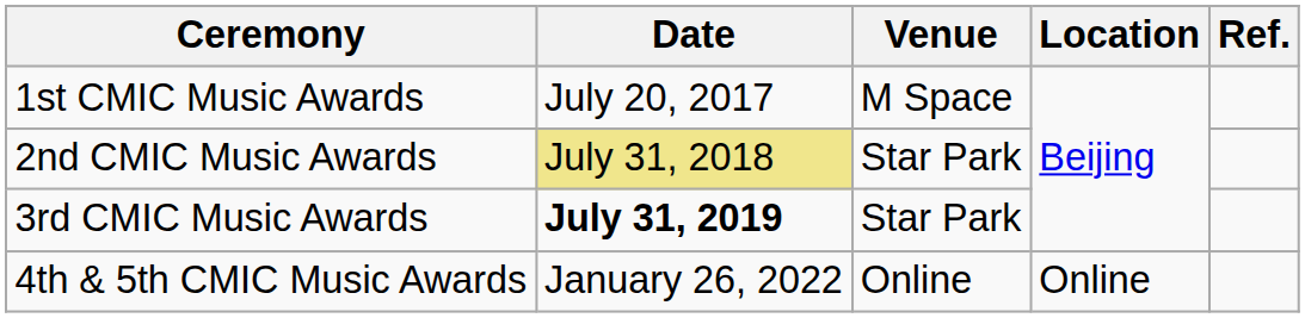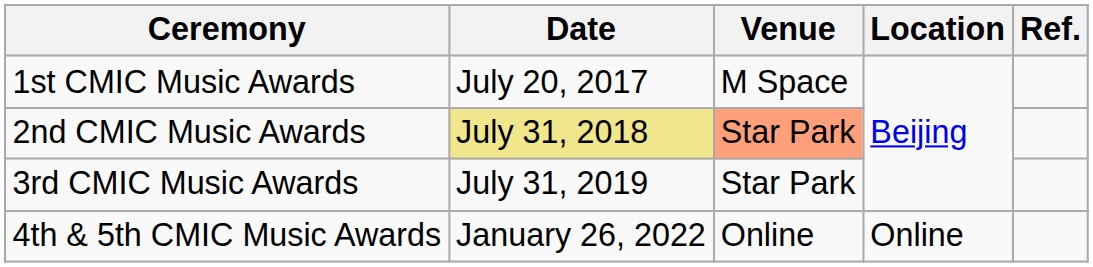 <table class="wikitable">
 <tr>
 <th>Ceremony</th>
 <th>Date</th>
 <th>Venue</th>
 <th>Location</th>
 <th>Ref.</th>
 </tr>
 <tr>
 <td>1st CMIC Music Awards</td>
 <td>July 20, 2017</td>
 <td>M Space</td>
 <td rowspan="3"><a href='#'>Beijing</a></td>
 <td></td>
 </tr>
 <tr>
 <td>2nd CMIC Music Awards</td>
 <td style="background: khaki;">July 31, 2018</td>
-<td>Star Park</td>
+<td style="background: lightsalmon;">Star Park</td>
 <td></td>
 </tr>
 <tr>
 <td>3rd CMIC Music Awards</td>
-<td><strong>July 31, 2019</strong></td>
+<td>July 31, 2019</td>
 <td>Star Park</td>
 <td></td>
 </tr>
 <tr>
 <td>4th & 5th CMIC Music Awards</td>
 <td>January 26, 2022</td>
 <td>Online</td>
 <td>Online</td>
 <td></td>
 </tr>
 </table>
